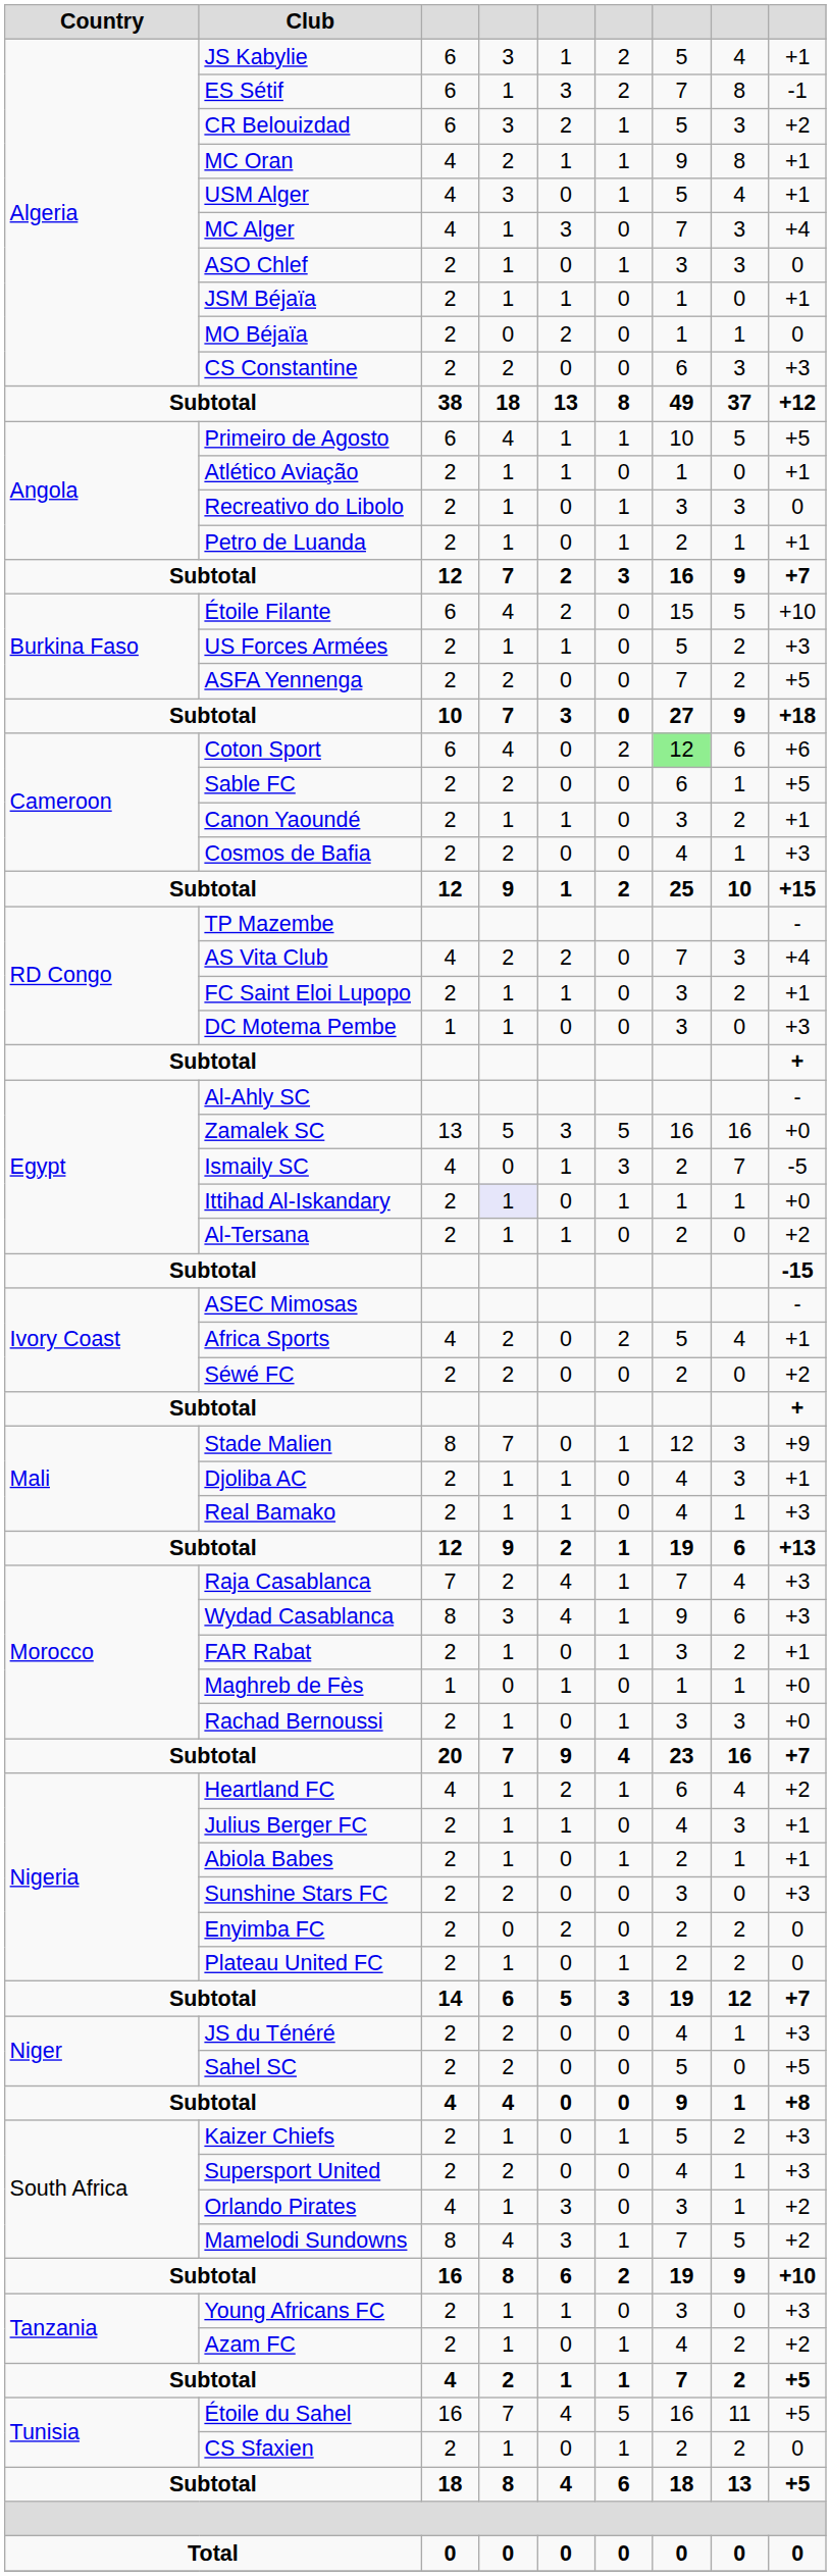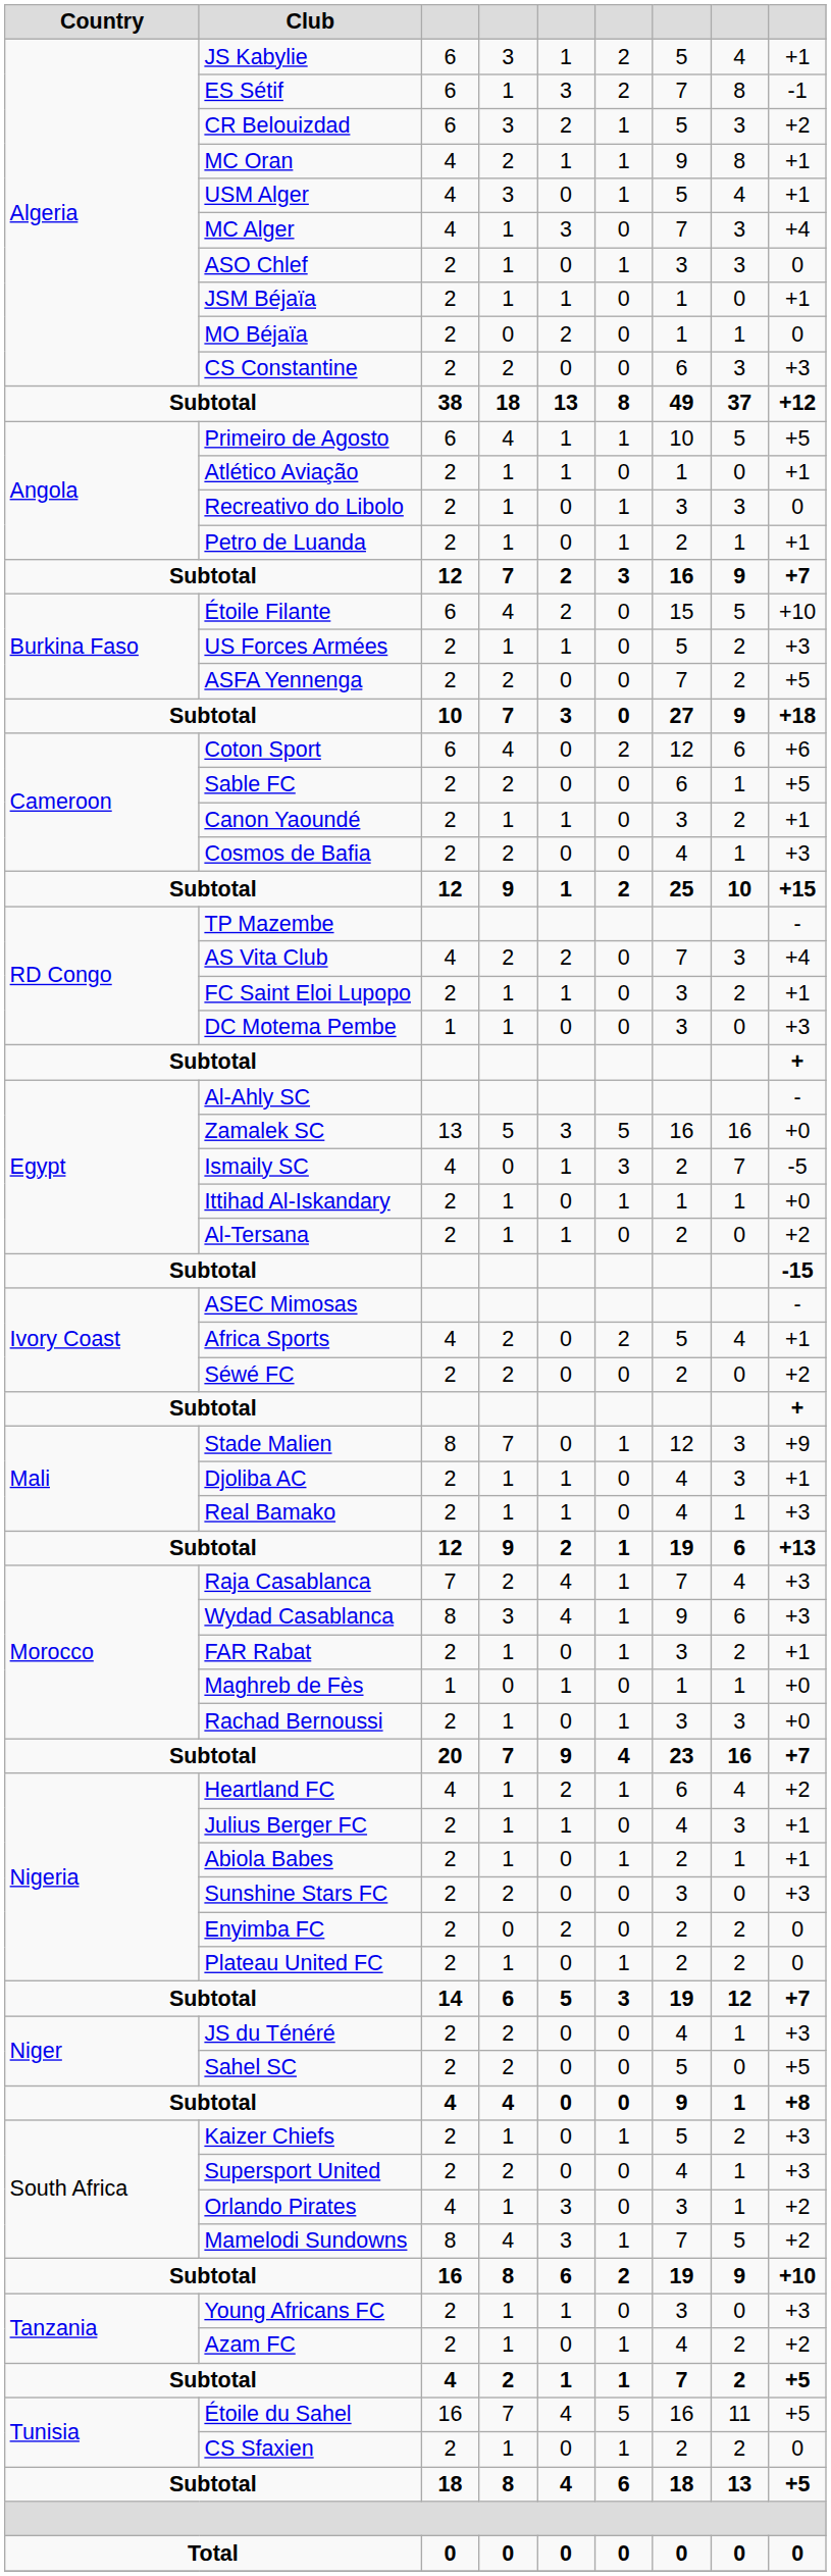 <table class="wikitable" style="text-align: center;">
 <tr>
 <th width="135" style="background:#DCDCDC">Country</th>
 <th width="155" style="background:#DCDCDC">Club</th>
 <th width="35" style="background:#DCDCDC"></th>
 <th width="35" style="background:#DCDCDC"></th>
 <th width="35" style="background:#DCDCDC"></th>
 <th width="35" style="background:#DCDCDC"></th>
 <th width="35" style="background:#DCDCDC"></th>
 <th width="35" style="background:#DCDCDC"></th>
 <th width="35" style="background:#DCDCDC"></th>
 </tr>
 <tr>
 <td rowspan=10 align=left> <a href='#'>Algeria</a></td>
 <td align=left><a href='#'>JS Kabylie</a></td>
 <td>6</td>
 <td>3</td>
 <td>1</td>
 <td>2</td>
 <td>5</td>
 <td>4</td>
 <td>+1</td>
 </tr>
 <tr>
 <td align=left><a href='#'>ES Sétif</a></td>
 <td>6</td>
 <td>1</td>
 <td>3</td>
 <td>2</td>
 <td>7</td>
 <td>8</td>
 <td>-1</td>
 </tr>
 <tr>
 <td align=left><a href='#'>CR Belouizdad</a></td>
 <td>6</td>
 <td>3</td>
 <td>2</td>
 <td>1</td>
 <td>5</td>
 <td>3</td>
 <td>+2</td>
 </tr>
 <tr>
 <td align=left><a href='#'>MC Oran</a></td>
 <td>4</td>
 <td>2</td>
 <td>1</td>
 <td>1</td>
 <td>9</td>
 <td>8</td>
 <td>+1</td>
 </tr>
 <tr>
 <td align=left><a href='#'>USM Alger</a></td>
 <td>4</td>
 <td>3</td>
 <td>0</td>
 <td>1</td>
 <td>5</td>
 <td>4</td>
 <td>+1</td>
 </tr>
 <tr>
 <td align=left><a href='#'>MC Alger</a></td>
 <td>4</td>
 <td>1</td>
 <td>3</td>
 <td>0</td>
 <td>7</td>
 <td>3</td>
 <td>+4</td>
 </tr>
 <tr>
 <td align=left><a href='#'>ASO Chlef</a></td>
 <td>2</td>
 <td>1</td>
 <td>0</td>
 <td>1</td>
 <td>3</td>
 <td>3</td>
 <td>0</td>
 </tr>
 <tr>
 <td align=left><a href='#'>JSM Béjaïa</a></td>
 <td>2</td>
 <td>1</td>
 <td>1</td>
 <td>0</td>
 <td>1</td>
 <td>0</td>
 <td>+1</td>
 </tr>
 <tr>
 <td align=left><a href='#'>MO Béjaïa</a></td>
 <td>2</td>
 <td>0</td>
 <td>2</td>
 <td>0</td>
 <td>1</td>
 <td>1</td>
 <td>0</td>
 </tr>
 <tr>
 <td align=left><a href='#'>CS Constantine</a></td>
 <td>2</td>
 <td>2</td>
 <td>0</td>
 <td>0</td>
 <td>6</td>
 <td>3</td>
 <td>+3</td>
 </tr>
 <tr>
 <td colspan=2 align-"center"><strong>Subtotal</strong></td>
 <td><strong>38</strong></td>
 <td><strong>18</strong></td>
 <td><strong>13</strong></td>
 <td><strong>8</strong></td>
 <td><strong>49</strong></td>
 <td><strong>37</strong></td>
 <td><strong>+12</strong></td>
 </tr>
 <tr>
 <td rowspan=4 align=left> <a href='#'>Angola</a></td>
 <td align=left><a href='#'>Primeiro de Agosto</a></td>
 <td>6</td>
 <td>4</td>
 <td>1</td>
 <td>1</td>
 <td>10</td>
 <td>5</td>
 <td>+5</td>
 </tr>
 <tr>
 <td align=left><a href='#'>Atlético Aviação</a></td>
 <td>2</td>
 <td>1</td>
 <td>1</td>
 <td>0</td>
 <td>1</td>
 <td>0</td>
 <td>+1</td>
 </tr>
 <tr>
 <td align=left><a href='#'>Recreativo do Libolo</a></td>
 <td>2</td>
 <td>1</td>
 <td>0</td>
 <td>1</td>
 <td>3</td>
 <td>3</td>
 <td>0</td>
 </tr>
 <tr>
 <td align=left><a href='#'>Petro de Luanda</a></td>
 <td>2</td>
 <td>1</td>
 <td>0</td>
 <td>1</td>
 <td>2</td>
 <td>1</td>
 <td>+1</td>
 </tr>
 <tr>
 <td colspan=2 align-"center"><strong>Subtotal</strong></td>
 <td><strong>12</strong></td>
 <td><strong>7</strong></td>
 <td><strong>2</strong></td>
 <td><strong>3</strong></td>
 <td><strong>16</strong></td>
 <td><strong>9</strong></td>
 <td><strong>+7</strong></td>
 </tr>
 <tr>
 <td rowspan=3 align=left> <a href='#'>Burkina Faso</a></td>
 <td align=left><a href='#'>Étoile Filante</a></td>
 <td>6</td>
 <td>4</td>
 <td>2</td>
 <td>0</td>
 <td>15</td>
 <td>5</td>
 <td>+10</td>
 </tr>
 <tr>
 <td align=left><a href='#'>US Forces Armées</a></td>
 <td>2</td>
 <td>1</td>
 <td>1</td>
 <td>0</td>
 <td>5</td>
 <td>2</td>
 <td>+3</td>
 </tr>
 <tr>
 <td align=left><a href='#'>ASFA Yennenga</a></td>
 <td>2</td>
 <td>2</td>
 <td>0</td>
 <td>0</td>
 <td>7</td>
 <td>2</td>
 <td>+5</td>
 </tr>
 <tr>
 <td colspan=2 align-"center"><strong>Subtotal</strong></td>
 <td><strong>10</strong></td>
 <td><strong>7</strong></td>
 <td><strong>3</strong></td>
 <td><strong>0</strong></td>
 <td><strong>27</strong></td>
 <td><strong>9</strong></td>
 <td><strong>+18</strong></td>
 </tr>
 <tr>
 <td rowspan=4 align=left> <a href='#'>Cameroon</a></td>
 <td align=left><a href='#'>Coton Sport</a></td>
 <td>6</td>
 <td>4</td>
 <td>0</td>
 <td>2</td>
-<td style="background: lightgreen;">12</td>
+<td>12</td>
 <td>6</td>
 <td>+6</td>
 </tr>
 <tr>
 <td align=left><a href='#'>Sable FC</a></td>
 <td>2</td>
 <td>2</td>
 <td>0</td>
 <td>0</td>
 <td>6</td>
 <td>1</td>
 <td>+5</td>
 </tr>
 <tr>
 <td align=left><a href='#'>Canon Yaoundé</a></td>
 <td>2</td>
 <td>1</td>
 <td>1</td>
 <td>0</td>
 <td>3</td>
 <td>2</td>
 <td>+1</td>
 </tr>
 <tr>
 <td align=left><a href='#'>Cosmos de Bafia</a></td>
 <td>2</td>
 <td>2</td>
 <td>0</td>
 <td>0</td>
 <td>4</td>
 <td>1</td>
 <td>+3</td>
 </tr>
 <tr>
 <td colspan=2 align-"center"><strong>Subtotal</strong></td>
 <td><strong>12</strong></td>
 <td><strong>9</strong></td>
 <td><strong>1</strong></td>
 <td><strong>2</strong></td>
 <td><strong>25</strong></td>
 <td><strong>10</strong></td>
 <td><strong>+15</strong></td>
 </tr>
 <tr>
 <td rowspan=4 align=left> <a href='#'>RD Congo</a></td>
 <td align=left><a href='#'>TP Mazembe</a></td>
 <td></td>
 <td></td>
 <td></td>
 <td></td>
 <td></td>
 <td></td>
 <td>-</td>
 </tr>
 <tr>
 <td align=left><a href='#'>AS Vita Club</a></td>
 <td>4</td>
 <td>2</td>
 <td>2</td>
 <td>0</td>
 <td>7</td>
 <td>3</td>
 <td>+4</td>
 </tr>
 <tr>
 <td align=left><a href='#'>FC Saint Eloi Lupopo</a></td>
 <td>2</td>
 <td>1</td>
 <td>1</td>
 <td>0</td>
 <td>3</td>
 <td>2</td>
 <td>+1</td>
 </tr>
 <tr>
 <td align=left><a href='#'>DC Motema Pembe</a></td>
 <td>1</td>
 <td>1</td>
 <td>0</td>
 <td>0</td>
 <td>3</td>
 <td>0</td>
 <td>+3</td>
 </tr>
 <tr>
 <td colspan=2 align-"center"><strong>Subtotal</strong></td>
 <td><strong> </strong></td>
 <td><strong> </strong></td>
 <td><strong> </strong></td>
 <td><strong> </strong></td>
 <td><strong> </strong></td>
 <td><strong> </strong></td>
 <td><strong>+</strong></td>
 </tr>
 <tr>
 <td rowspan=5 align=left> <a href='#'>Egypt</a></td>
 <td align=left><a href='#'>Al-Ahly SC</a></td>
 <td></td>
 <td></td>
 <td></td>
 <td></td>
 <td></td>
 <td></td>
 <td>-</td>
 </tr>
 <tr>
 <td align=left><a href='#'>Zamalek SC</a></td>
 <td>13</td>
 <td>5</td>
 <td>3</td>
 <td>5</td>
 <td>16</td>
 <td>16</td>
 <td>+0</td>
 </tr>
 <tr>
 <td align=left><a href='#'>Ismaily SC</a></td>
 <td>4</td>
 <td>0</td>
 <td>1</td>
 <td>3</td>
 <td>2</td>
 <td>7</td>
 <td>-5</td>
 </tr>
 <tr>
 <td align=left><a href='#'>Ittihad Al-Iskandary</a></td>
 <td>2</td>
-<td style="background: lavender;">1</td>
+<td>1</td>
 <td>0</td>
 <td>1</td>
 <td>1</td>
 <td>1</td>
 <td>+0</td>
 </tr>
 <tr>
 <td align=left><a href='#'>Al-Tersana</a></td>
 <td>2</td>
 <td>1</td>
 <td>1</td>
 <td>0</td>
 <td>2</td>
 <td>0</td>
 <td>+2</td>
 </tr>
 <tr>
 <td colspan=2 align-"center"><strong>Subtotal</strong></td>
 <td><strong> </strong></td>
 <td><strong> </strong></td>
 <td><strong> </strong></td>
 <td><strong> </strong></td>
 <td><strong> </strong></td>
 <td><strong> </strong></td>
 <td><strong>-15</strong></td>
 </tr>
 <tr>
 <td rowspan=3 align=left> <a href='#'>Ivory Coast</a></td>
 <td align=left><a href='#'>ASEC Mimosas</a></td>
 <td></td>
 <td></td>
 <td></td>
 <td></td>
 <td></td>
 <td></td>
 <td>-</td>
 </tr>
 <tr>
 <td align=left><a href='#'>Africa Sports</a></td>
 <td>4</td>
 <td>2</td>
 <td>0</td>
 <td>2</td>
 <td>5</td>
 <td>4</td>
 <td>+1</td>
 </tr>
 <tr>
 <td align=left><a href='#'>Séwé FC</a></td>
 <td>2</td>
 <td>2</td>
 <td>0</td>
 <td>0</td>
 <td>2</td>
 <td>0</td>
 <td>+2</td>
 </tr>
 <tr>
 <td colspan=2 align-"center"><strong>Subtotal</strong></td>
 <td><strong> </strong></td>
 <td><strong> </strong></td>
 <td><strong> </strong></td>
 <td><strong> </strong></td>
 <td><strong> </strong></td>
 <td><strong> </strong></td>
 <td><strong>+</strong></td>
 </tr>
 <tr>
 <td rowspan=3 align=left> <a href='#'>Mali</a></td>
 <td align=left><a href='#'>Stade Malien</a></td>
 <td>8</td>
 <td>7</td>
 <td>0</td>
 <td>1</td>
 <td>12</td>
 <td>3</td>
 <td>+9</td>
 </tr>
 <tr>
 <td align=left><a href='#'>Djoliba AC</a></td>
 <td>2</td>
 <td>1</td>
 <td>1</td>
 <td>0</td>
 <td>4</td>
 <td>3</td>
 <td>+1</td>
 </tr>
 <tr>
 <td align=left><a href='#'>Real Bamako</a></td>
 <td>2</td>
 <td>1</td>
 <td>1</td>
 <td>0</td>
 <td>4</td>
 <td>1</td>
 <td>+3</td>
 </tr>
 <tr>
 <td colspan=2 align-"center"><strong>Subtotal</strong></td>
 <td><strong>12</strong></td>
 <td><strong>9</strong></td>
 <td><strong>2</strong></td>
 <td><strong>1</strong></td>
 <td><strong>19</strong></td>
 <td><strong>6</strong></td>
 <td><strong>+13</strong></td>
 </tr>
 <tr>
 <td rowspan=5 align=left> <a href='#'>Morocco</a></td>
 <td align=left><a href='#'>Raja Casablanca</a></td>
 <td>7</td>
 <td>2</td>
 <td>4</td>
 <td>1</td>
 <td>7</td>
 <td>4</td>
 <td>+3</td>
 </tr>
 <tr>
 <td align=left><a href='#'>Wydad Casablanca</a></td>
 <td>8</td>
 <td>3</td>
 <td>4</td>
 <td>1</td>
 <td>9</td>
 <td>6</td>
 <td>+3</td>
 </tr>
 <tr>
 <td align=left><a href='#'>FAR Rabat</a></td>
 <td>2</td>
 <td>1</td>
 <td>0</td>
 <td>1</td>
 <td>3</td>
 <td>2</td>
 <td>+1</td>
 </tr>
 <tr>
 <td align=left><a href='#'>Maghreb de Fès</a></td>
 <td>1</td>
 <td>0</td>
 <td>1</td>
 <td>0</td>
 <td>1</td>
 <td>1</td>
 <td>+0</td>
 </tr>
 <tr>
 <td align=left><a href='#'>Rachad Bernoussi</a></td>
 <td>2</td>
 <td>1</td>
 <td>0</td>
 <td>1</td>
 <td>3</td>
 <td>3</td>
 <td>+0</td>
 </tr>
 <tr>
 <td colspan=2 align-"center"><strong>Subtotal</strong></td>
 <td><strong>20</strong></td>
 <td><strong>7</strong></td>
 <td><strong>9</strong></td>
 <td><strong>4</strong></td>
 <td><strong>23</strong></td>
 <td><strong>16</strong></td>
 <td><strong>+7</strong></td>
 </tr>
 <tr>
 <td rowspan=6 align=left> <a href='#'>Nigeria</a></td>
 <td align=left><a href='#'>Heartland FC</a></td>
 <td>4</td>
 <td>1</td>
 <td>2</td>
 <td>1</td>
 <td>6</td>
 <td>4</td>
 <td>+2</td>
 </tr>
 <tr>
 <td align=left><a href='#'>Julius Berger FC</a></td>
 <td>2</td>
 <td>1</td>
 <td>1</td>
 <td>0</td>
 <td>4</td>
 <td>3</td>
 <td>+1</td>
 </tr>
 <tr>
 <td align=left><a href='#'>Abiola Babes</a></td>
 <td>2</td>
 <td>1</td>
 <td>0</td>
 <td>1</td>
 <td>2</td>
 <td>1</td>
 <td>+1</td>
 </tr>
 <tr>
 <td align=left><a href='#'>Sunshine Stars FC</a></td>
 <td>2</td>
 <td>2</td>
 <td>0</td>
 <td>0</td>
 <td>3</td>
 <td>0</td>
 <td>+3</td>
 </tr>
 <tr>
 <td align=left><a href='#'>Enyimba FC</a></td>
 <td>2</td>
 <td>0</td>
 <td>2</td>
 <td>0</td>
 <td>2</td>
 <td>2</td>
 <td>0</td>
 </tr>
 <tr>
 <td align=left><a href='#'>Plateau United FC</a></td>
 <td>2</td>
 <td>1</td>
 <td>0</td>
 <td>1</td>
 <td>2</td>
 <td>2</td>
 <td>0</td>
 </tr>
 <tr>
 <td colspan=2 align-"center"><strong>Subtotal</strong></td>
 <td><strong>14</strong></td>
 <td><strong>6</strong></td>
 <td><strong>5</strong></td>
 <td><strong>3</strong></td>
 <td><strong>19 </strong></td>
 <td><strong> 12</strong></td>
 <td><strong>+7</strong></td>
 </tr>
 <tr>
 <td rowspan=2 align=left> <a href='#'>Niger</a></td>
 <td align=left><a href='#'>JS du Ténéré</a></td>
 <td>2</td>
 <td>2</td>
 <td>0</td>
 <td>0</td>
 <td>4</td>
 <td>1</td>
 <td>+3</td>
 </tr>
 <tr>
 <td align=left><a href='#'>Sahel SC </a></td>
 <td>2</td>
 <td>2</td>
 <td>0</td>
 <td>0</td>
 <td>5</td>
 <td>0</td>
 <td>+5</td>
 </tr>
 <tr>
 <td colspan=2 align-"center"><strong>Subtotal</strong></td>
 <td><strong>4</strong></td>
 <td><strong>4</strong></td>
 <td><strong>0</strong></td>
 <td><strong>0</strong></td>
 <td><strong>9</strong></td>
 <td><strong>1</strong></td>
 <td><strong>+8</strong></td>
 </tr>
 <tr>
 <td rowspan=4 align=left> South Africa</td>
 <td align=left><a href='#'>Kaizer Chiefs</a></td>
 <td>2</td>
 <td>1</td>
 <td>0</td>
 <td>1</td>
 <td>5</td>
 <td>2</td>
 <td>+3</td>
 </tr>
 <tr>
 <td align=left><a href='#'>Supersport United</a></td>
 <td>2</td>
 <td>2</td>
 <td>0</td>
 <td>0</td>
 <td>4</td>
 <td>1</td>
 <td>+3</td>
 </tr>
 <tr>
 <td align=left><a href='#'>Orlando Pirates</a></td>
 <td>4</td>
 <td>1</td>
 <td>3</td>
 <td>0</td>
 <td>3</td>
 <td>1</td>
 <td>+2</td>
 </tr>
 <tr>
 <td align=left><a href='#'>Mamelodi Sundowns</a></td>
 <td>8</td>
 <td>4</td>
 <td>3</td>
 <td>1</td>
 <td>7</td>
 <td>5</td>
 <td>+2</td>
 </tr>
 <tr>
 <td colspan=2 align-"center"><strong>Subtotal</strong></td>
 <td><strong>16</strong></td>
 <td><strong>8</strong></td>
 <td><strong>6</strong></td>
 <td><strong>2</strong></td>
 <td><strong>19</strong></td>
 <td><strong>9</strong></td>
 <td><strong>+10</strong></td>
 </tr>
 <tr>
 <td rowspan=2 align=left> <a href='#'>Tanzania</a></td>
 <td align=left><a href='#'>Young Africans FC</a></td>
 <td>2</td>
 <td>1</td>
 <td>1</td>
 <td>0</td>
 <td>3</td>
 <td>0</td>
 <td>+3</td>
 </tr>
 <tr>
 <td align=left><a href='#'>Azam FC</a></td>
 <td>2</td>
 <td>1</td>
 <td>0</td>
 <td>1</td>
 <td>4</td>
 <td>2</td>
 <td>+2</td>
 </tr>
 <tr>
 <td colspan=2 align-"center"><strong>Subtotal</strong></td>
 <td><strong>4</strong></td>
 <td><strong>2</strong></td>
 <td><strong>1</strong></td>
 <td><strong>1</strong></td>
 <td><strong>7</strong></td>
 <td><strong>2</strong></td>
 <td><strong>+5</strong></td>
 </tr>
 <tr>
 <td rowspan=2 align=left> <a href='#'>Tunisia</a></td>
 <td align=left><a href='#'>Étoile du Sahel</a></td>
 <td>16</td>
 <td>7</td>
 <td>4</td>
 <td>5</td>
 <td>16</td>
 <td>11</td>
 <td>+5</td>
 </tr>
 <tr>
 <td align=left><a href='#'>CS Sfaxien</a></td>
 <td>2</td>
 <td>1</td>
 <td>0</td>
 <td>1</td>
 <td>2</td>
 <td>2</td>
 <td>0</td>
 </tr>
 <tr>
 <td colspan=2 align-"center"><strong>Subtotal</strong></td>
 <td><strong>18</strong></td>
 <td><strong>8</strong></td>
 <td><strong>4</strong></td>
 <td><strong>6</strong></td>
 <td><strong>18</strong></td>
 <td><strong>13</strong></td>
 <td><strong>+5</strong></td>
 </tr>
 <tr>
 <th colspan=9 height="18" style="background:#DCDCDC"></th>
 </tr>
 <tr>
 <td colspan=2 align-"center"><strong>Total</strong></td>
 <td><strong>0</strong></td>
 <td><strong>0</strong></td>
 <td><strong>0</strong></td>
 <td><strong>0</strong></td>
 <td><strong>0</strong></td>
 <td><strong>0</strong></td>
 <td><strong>0</strong></td>
 </tr>
 <tr>
 </tr>
 </table>
